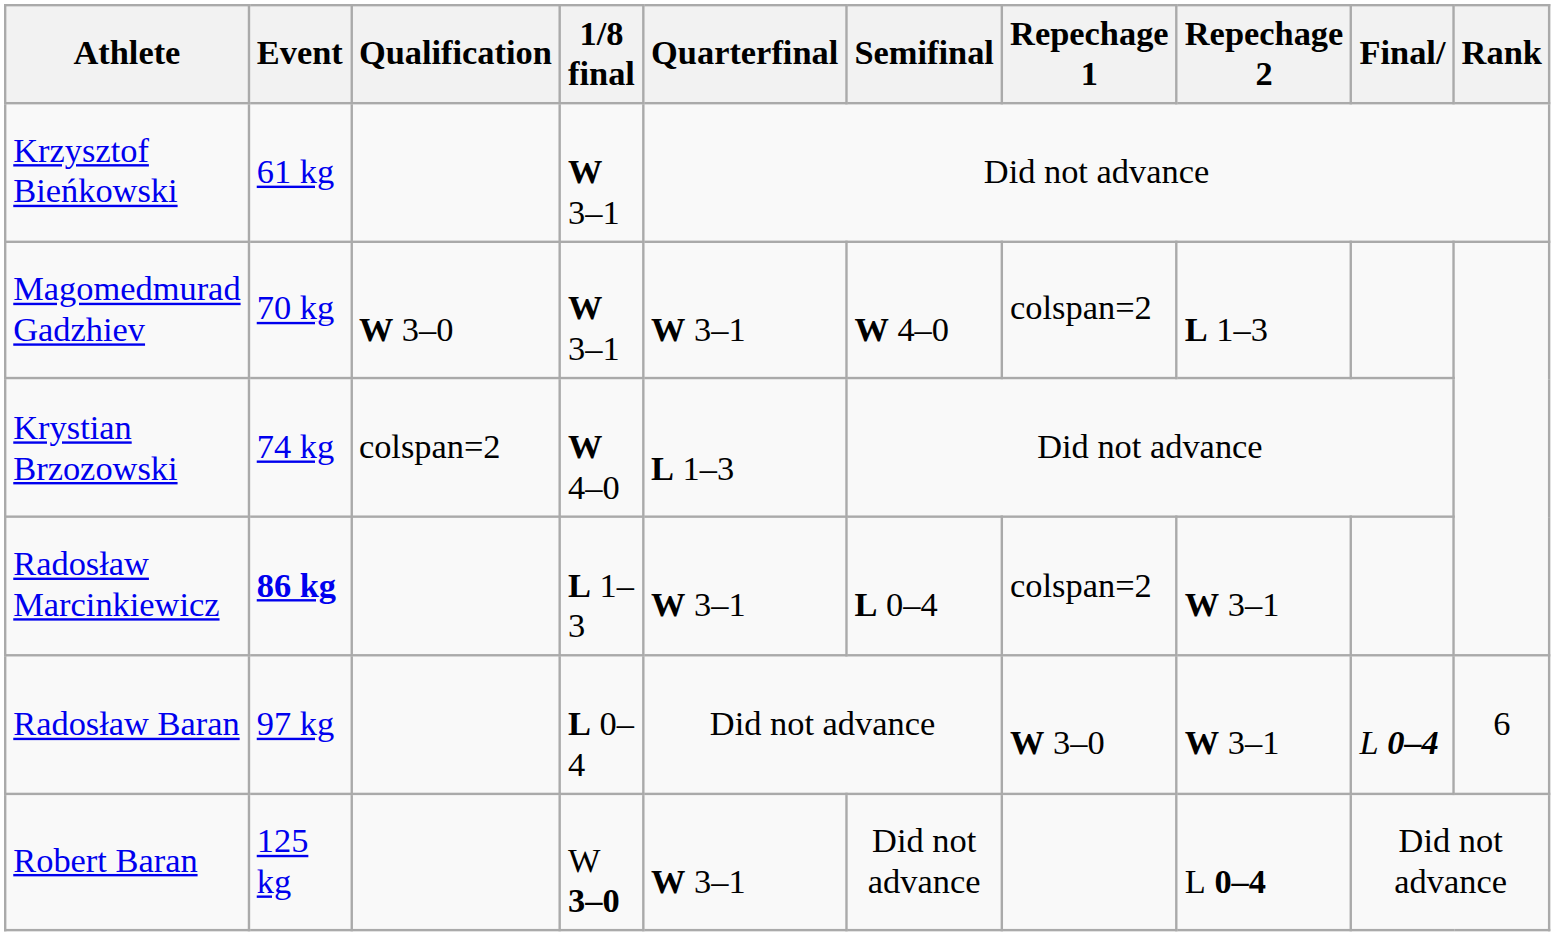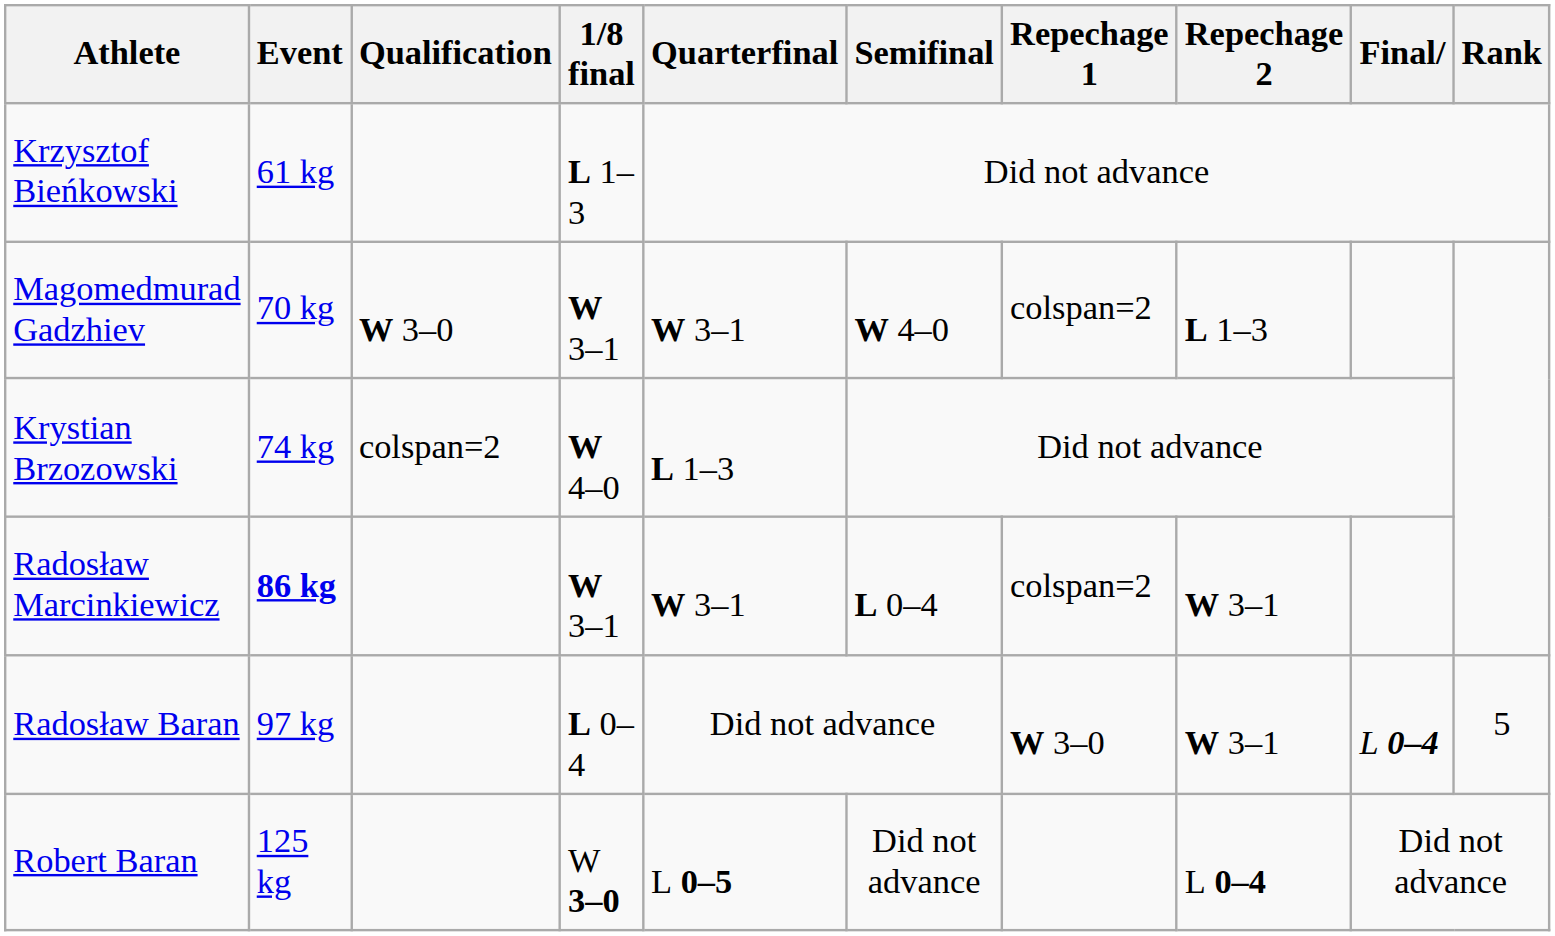 <table class="wikitable" width="85%" style="text-align:left; font-size:90%">
 <tr>
 <th width="11%">Athlete</th>
 <th width="4%">Event</th>
 <th width="9%">Qualification</th>
 <th width="9%">1/8 final</th>
 <th width="9%">Quarterfinal</th>
 <th width="9%">Semifinal</th>
 <th width="6%">Repechage 1</th>
 <th width="6%">Repechage 2</th>
 <th width="9%">Final/</th>
 <th width="3%">Rank</th>
 </tr>
 <tr>
 <td><a href='#'>Krzysztof Bieńkowski</a></td>
 <td><a href='#'>61 kg</a></td>
 <td></td>
-<td><br><strong>W</strong> 3–1</td>
+<td><br><strong>L</strong> 1–3</td>
 <td colspan=6 align=center>Did not advance</td>
 </tr>
 <tr>
 <td><a href='#'>Magomedmurad Gadzhiev</a></td>
 <td><a href='#'>70 kg</a></td>
 <td><br><strong>W</strong> 3–0</td>
 <td><br><strong>W</strong> 3–1</td>
 <td><br><strong>W</strong> 3–1</td>
 <td><br><strong>W</strong> 4–0</td>
 <td>colspan=2 </td>
 <td><br><strong>L</strong> 1–3</td>
 <td align=center></td>
 </tr>
 <tr>
 <td><a href='#'>Krystian Brzozowski</a></td>
 <td><a href='#'>74 kg</a></td>
 <td>colspan=2 </td>
 <td><br><strong>W</strong> 4–0</td>
 <td><br><strong>L</strong> 1–3</td>
 <td colspan=4 align=center>Did not advance</td>
 </tr>
 <tr>
 <td><a href='#'>Radosław Marcinkiewicz</a></td>
 <td><strong><a href='#'>86 kg</a></strong></td>
 <td></td>
-<td><br><strong>L</strong> 1–3</td>
+<td><br><strong>W</strong> 3–1</td>
 <td><br><strong>W</strong> 3–1</td>
 <td><br><strong>L</strong> 0–4</td>
 <td>colspan=2 </td>
 <td><br><strong>W</strong> 3–1</td>
 <td align=center></td>
 </tr>
 <tr>
 <td><a href='#'>Radosław Baran</a></td>
 <td><a href='#'>97 kg</a></td>
 <td></td>
 <td><br><strong>L</strong> 0–4</td>
 <td colspan=2 align=center>Did not advance</td>
 <td><br><strong>W</strong> 3–0</td>
 <td><br><strong>W</strong> 3–1</td>
 <td><br><em>L<strong> 0–4</td>
-<td align=center>6</td>
+<td align=center>5</td>
 </tr>
 <tr>
 <td><a href='#'>Robert Baran</a></td>
 <td><a href='#'>125 kg</a></td>
 <td></td>
 <td><br></strong>W<strong> 3–0</td>
-<td><br><strong>W</strong> 3–1</td>
+<td><br></strong>L<strong> 0–5</td>
 <td align=center>Did not advance</td>
 <td></td>
 <td><br></strong>L<strong> 0–4</td>
 <td colspan=2 align=center>Did not advance</td>
 </tr>
 </table>
